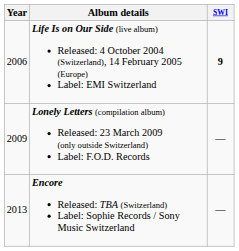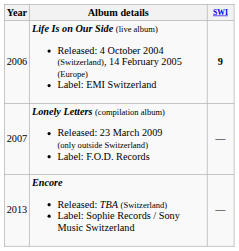 <table class=wikitable style="text-align:center;">
 <tr>
 <th>Year</th>
 <th width="270">Album details</th>
 <th style="width:3em;font-size:75%;"><a href='#'>SWI</a><br></th>
 </tr>
 <tr>
 <td>2006</td>
 <td align="left"><strong><em>Life Is on Our Side</em></strong> <small>(live album)</small><br><ul><li>Released: 4 October 2004 <small>(Switzerland)</small>, 14 February 2005 <small>(Europe)</small></li><li>Label: EMI Switzerland</li></ul></td>
 <td><strong>9</strong></td>
 </tr>
 <tr>
-<td>2009</td>
+<td>2007</td>
 <td align="left"><strong><em>Lonely Letters</em></strong> <small>(compilation album)</small><br><ul><li>Released: 23 March 2009<br><small>(only outside Switzerland)</small></li><li>Label: F.O.D. Records</li></ul></td>
 <td>—</td>
 </tr>
 <tr>
 <td>2013</td>
 <td align="left"><strong><em>Encore</em></strong><br><ul><li>Released: <em>TBA</em> <small>(Switzerland)</small></li><li>Label: Sophie Records / Sony Music Switzerland</li></ul></td>
 <td>—</td>
 </tr>
 </table>
